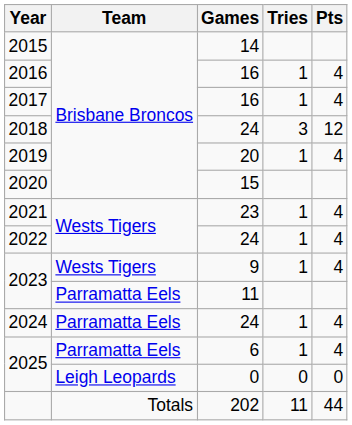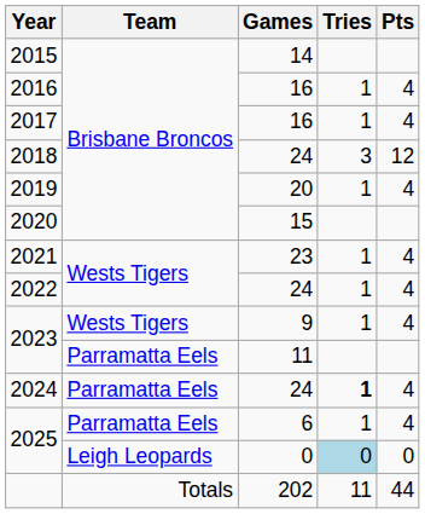 <table class="wikitable">
 <tr>
 <th>Year</th>
 <th>Team</th>
 <th>Games</th>
 <th>Tries</th>
 <th>Pts</th>
 </tr>
 <tr>
 <td align=right>2015</td>
 <td rowspan="6"> <a href='#'>Brisbane Broncos</a></td>
 <td align=right>14</td>
 <td align=right></td>
 <td align=right></td>
 </tr>
 <tr>
 <td align=center>2016</td>
 <td align=right>16</td>
 <td align=right>1</td>
 <td align=right>4</td>
 </tr>
 <tr>
 <td align=center>2017</td>
 <td align=right>16</td>
 <td align=right>1</td>
 <td align=right>4</td>
 </tr>
 <tr>
 <td align=center>2018</td>
 <td align=right>24</td>
 <td align=right>3</td>
 <td align=right>12</td>
 </tr>
 <tr>
 <td align=center>2019</td>
 <td align=right>20</td>
 <td align=right>1</td>
 <td align=right>4</td>
 </tr>
 <tr>
 <td align=center>2020</td>
 <td align=right>15</td>
 <td align=right></td>
 <td align=right></td>
 </tr>
 <tr>
 <td align=center>2021</td>
 <td rowspan="2"> <a href='#'>Wests Tigers</a></td>
 <td align=right>23</td>
 <td align=right>1</td>
 <td align=right>4</td>
 </tr>
 <tr>
 <td align=center>2022</td>
 <td align=right>24</td>
 <td align=right>1</td>
 <td align=right>4</td>
 </tr>
 <tr>
 <td align=center rowspan="2">2023</td>
 <td align=left> <a href='#'>Wests Tigers</a></td>
 <td align=right>9</td>
 <td align=right>1</td>
 <td align=right>4</td>
 </tr>
 <tr>
 <td align=left> <a href='#'>Parramatta Eels</a></td>
 <td align=right>11</td>
 <td align=right></td>
 <td align=right></td>
 </tr>
 <tr>
 <td align=center>2024</td>
 <td> <a href='#'>Parramatta Eels</a></td>
 <td align=right>24</td>
-<td align=right>1</td>
+<td align=right><strong>1</strong></td>
 <td align=right>4</td>
 </tr>
 <tr>
 <td rowspan="2" align="center">2025</td>
 <td> <a href='#'>Parramatta Eels</a></td>
 <td align="right">6</td>
 <td align=right>1</td>
 <td align=right>4</td>
 </tr>
 <tr>
 <td align=left> <a href='#'>Leigh Leopards</a></td>
 <td align=right>0</td>
-<td align=right>0</td>
+<td align=right style="background: lightblue;">0</td>
 <td align=right>0</td>
 </tr>
 <tr>
 <td align=right></td>
 <td align=right>Totals</td>
 <td align=right>202</td>
 <td align=right>11</td>
 <td align=right>44</td>
 </tr>
 </table>
